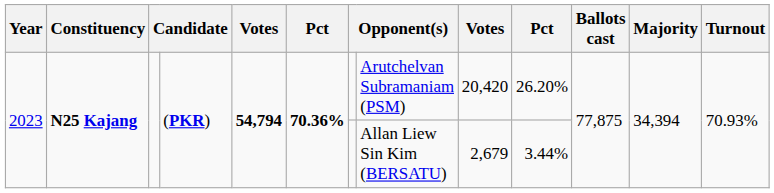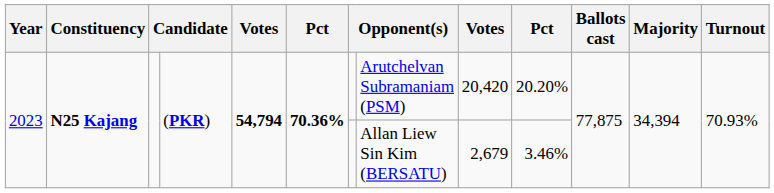 <table class="wikitable" style="margin:0.5em ; font-size:95%">
 <tr>
 <th>Year</th>
 <th>Constituency</th>
 <th colspan=2>Candidate</th>
 <th>Votes</th>
 <th>Pct</th>
 <th colspan=2>Opponent(s)</th>
 <th>Votes</th>
 <th>Pct</th>
 <th>Ballots cast</th>
 <th>Majority</th>
 <th>Turnout</th>
 </tr>
 <tr>
 <td rowspan=2><a href='#'>2023</a></td>
 <td rowspan=2><strong>N25 <a href='#'>Kajang</a></strong></td>
 <td rowspan=2 ></td>
 <td rowspan=2> (<a href='#'><strong>PKR</strong></a>)</td>
 <td rowspan=2 align="right"><strong>54,794</strong></td>
 <td rowspan=2><strong>70.36%</strong></td>
 <td></td>
 <td><a href='#'>Arutchelvan Subramaniam</a> (<a href='#'>PSM</a>)</td>
 <td align="right">20,420</td>
-<td>26.20%</td>
+<td>20.20%</td>
 <td rowspan=2>77,875</td>
 <td rowspan=2>34,394</td>
 <td rowspan=2>70.93%</td>
 </tr>
 <tr>
 <td bgcolor=></td>
 <td>Allan Liew Sin Kim (<a href='#'>BERSATU</a>)</td>
 <td align="right">2,679</td>
-<td align="right">3.44%</td>
+<td align="right">3.46%</td>
 </tr>
 </table>
